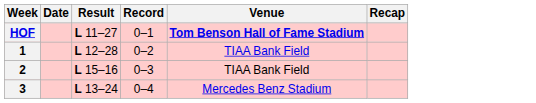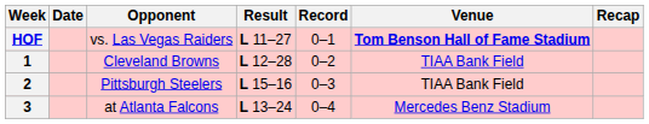 <table class="wikitable" style="text-align:center">
 <tr>
 <th>Week</th>
 <th>Date</th>
+<th>Opponent</th>
 <th>Result</th>
 <th>Record</th>
 <th>Venue</th>
 <th>Recap</th>
 </tr>
 <tr style="background:#fcc">
 <th><a href='#'>HOF</a></th>
 <td></td>
+<td>vs. <a href='#'>Las Vegas Raiders</a></td>
 <td><strong>L</strong> 11–27</td>
 <td>0–1</td>
 <td><strong><a href='#'>Tom Benson Hall of Fame Stadium</a> </strong></td>
 <td></td>
 </tr>
 <tr style="background:#fcc">
 <th>1</th>
 <td></td>
+<td><a href='#'>Cleveland Browns</a></td>
 <td><strong>L</strong> 12–28</td>
 <td>0–2</td>
 <td><a href='#'>TIAA Bank Field</a></td>
 <td></td>
 </tr>
 <tr style="background:#fcc">
 <th>2</th>
 <td></td>
+<td><a href='#'>Pittsburgh Steelers</a></td>
 <td><strong>L</strong> 15–16</td>
 <td>0–3</td>
 <td>TIAA Bank Field</td>
 <td></td>
 </tr>
 <tr style="background:#fcc">
 <th>3</th>
 <td></td>
+<td>at <a href='#'>Atlanta Falcons</a></td>
 <td><strong>L</strong> 13–24</td>
 <td>0–4</td>
 <td><a href='#'>Mercedes Benz Stadium</a></td>
 <td></td>
 </tr>
 </table>
